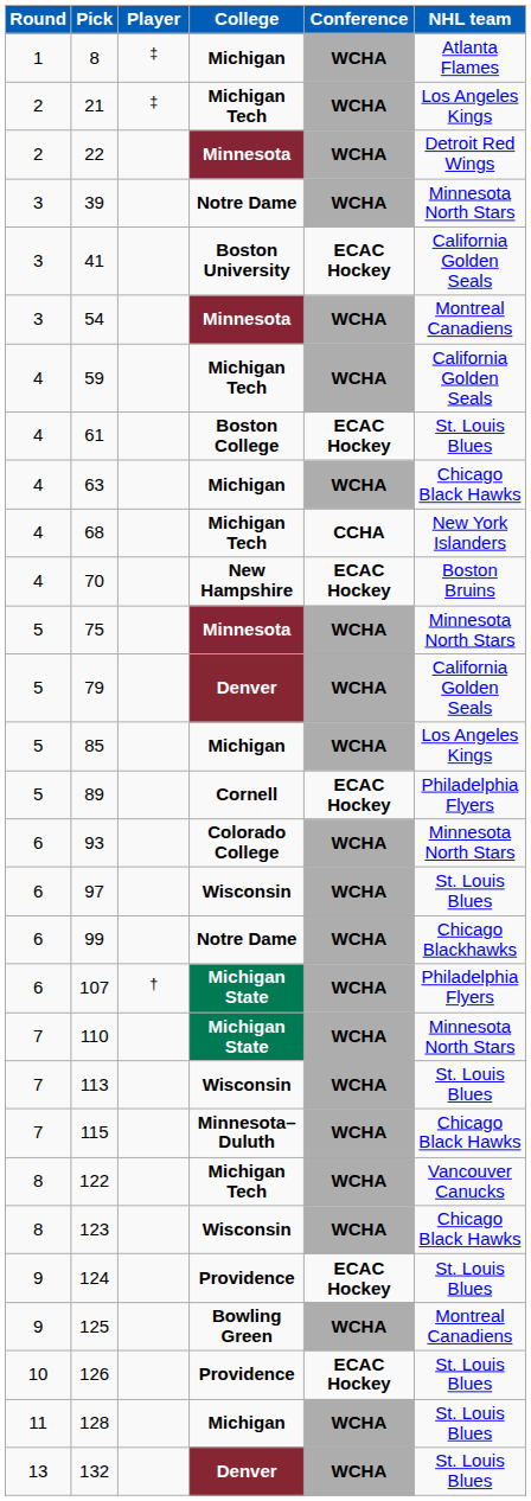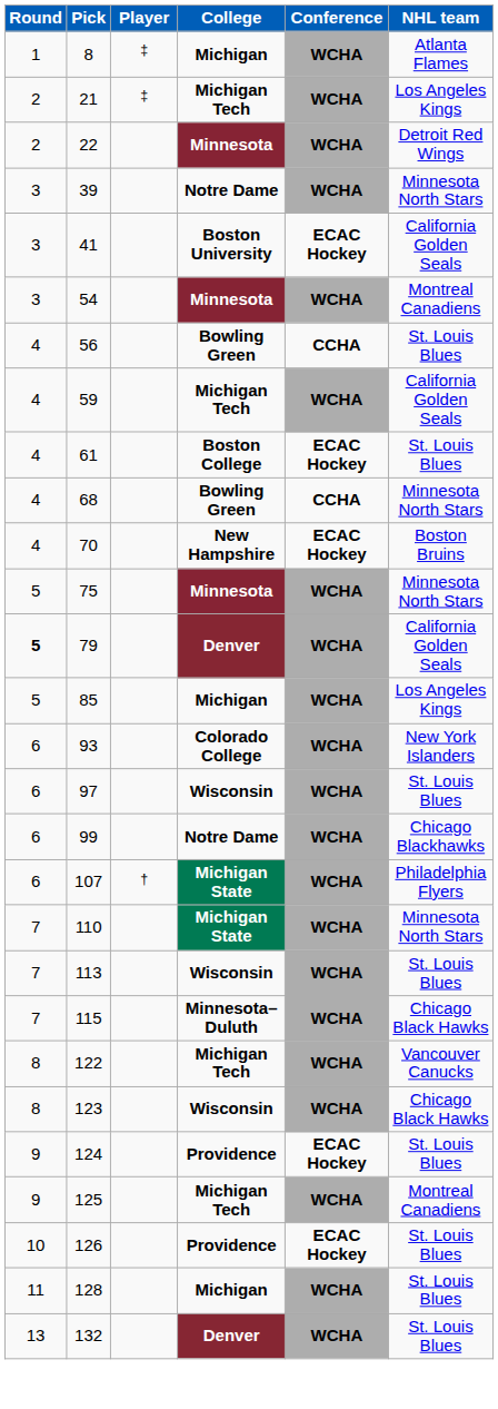 <table class="wikitable sortable" width="75%">
 <tr>
 <th style="color:white; background-color:#005EB8; width: 4em;">Round</th>
 <th style="color:white; background-color:#005EB8; width: 4em;">Pick</th>
 <th style="color:white; background-color:#005EB8; width: 12em;">Player</th>
 <th style="color:white; background-color:#005EB8; width: 13em;">College</th>
 <th style="color:white; background-color:#005EB8; width: 9em;">Conference</th>
 <th style="color:white; background-color:#005EB8; width: 11em;">NHL team</th>
 </tr>
 <tr align="center" bgcolor="">
 <td>1</td>
 <td>8</td>
 <td> <sup>‡</sup></td>
 <td><strong>Michigan</strong></td>
 <td style="color:black; background:#ADADAD; "><strong>WCHA</strong></td>
 <td><a href='#'>Atlanta Flames</a></td>
 </tr>
 <tr align="center" bgcolor="">
 <td>2</td>
 <td>21</td>
 <td> <sup>‡</sup></td>
 <td><strong>Michigan Tech</strong></td>
 <td style="color:black; background:#ADADAD; "><strong>WCHA</strong></td>
 <td><a href='#'>Los Angeles Kings</a></td>
 </tr>
 <tr align="center" bgcolor="">
 <td>2</td>
 <td>22</td>
 <td></td>
 <td style="color:white; background:#862334; "><strong>Minnesota</strong></td>
 <td style="color:black; background:#ADADAD; "><strong>WCHA</strong></td>
 <td><a href='#'>Detroit Red Wings</a></td>
 </tr>
 <tr align="center" bgcolor="">
 <td>3</td>
 <td>39</td>
 <td></td>
 <td><strong>Notre Dame</strong></td>
 <td style="color:black; background:#ADADAD; "><strong>WCHA</strong></td>
 <td><a href='#'>Minnesota North Stars</a></td>
 </tr>
 <tr align="center" bgcolor="">
 <td>3</td>
 <td>41</td>
 <td></td>
 <td><strong>Boston University</strong></td>
 <td><strong>ECAC Hockey</strong></td>
 <td><a href='#'>California Golden Seals</a></td>
 </tr>
 <tr align="center" bgcolor="">
 <td>3</td>
 <td>54</td>
 <td></td>
 <td style="color:white; background:#862334; "><strong>Minnesota</strong></td>
 <td style="color:black; background:#ADADAD; "><strong>WCHA</strong></td>
 <td><a href='#'>Montreal Canadiens</a></td>
 </tr>
 <tr align="center" bgcolor="">
 <td>4</td>
+<td>56</td>
+<td></td>
+<td><strong>Bowling Green</strong></td>
+<td><strong>CCHA</strong></td>
+<td><a href='#'>St. Louis Blues</a></td>
+</tr>
+<tr align="center" bgcolor="">
+<td>4</td>
 <td>59</td>
 <td></td>
 <td><strong>Michigan Tech</strong></td>
 <td style="color:black; background:#ADADAD; "><strong>WCHA</strong></td>
 <td><a href='#'>California Golden Seals</a></td>
 </tr>
 <tr align="center" bgcolor="">
 <td>4</td>
 <td>61</td>
 <td></td>
 <td><strong>Boston College</strong></td>
 <td><strong>ECAC Hockey</strong></td>
 <td><a href='#'>St. Louis Blues</a></td>
 </tr>
 <tr align="center" bgcolor="">
 <td>4</td>
-<td>63</td>
-<td></td>
-<td><strong>Michigan</strong></td>
-<td style="color:black; background:#ADADAD; "><strong>WCHA</strong></td>
-<td><a href='#'>Chicago Black Hawks</a></td>
-</tr>
-<tr align="center" bgcolor="">
-<td>4</td>
 <td>68</td>
 <td></td>
-<td><strong>Michigan Tech</strong></td>
+<td><strong>Bowling Green</strong></td>
 <td><strong>CCHA</strong></td>
-<td><a href='#'>New York Islanders</a></td>
+<td><a href='#'>Minnesota North Stars</a></td>
 </tr>
 <tr align="center" bgcolor="">
 <td>4</td>
 <td>70</td>
 <td></td>
 <td><strong>New Hampshire</strong></td>
 <td><strong>ECAC Hockey</strong></td>
 <td><a href='#'>Boston Bruins</a></td>
 </tr>
 <tr align="center" bgcolor="">
 <td>5</td>
 <td>75</td>
 <td></td>
 <td style="color:white; background:#862334; "><strong>Minnesota</strong></td>
 <td style="color:black; background:#ADADAD; "><strong>WCHA</strong></td>
 <td><a href='#'>Minnesota North Stars</a></td>
 </tr>
 <tr align="center" bgcolor="">
-<td>5</td>
+<td><strong>5</strong></td>
 <td>79</td>
 <td></td>
 <td style="color:white; background:#862633; "><strong>Denver</strong></td>
 <td style="color:black; background:#ADADAD; "><strong>WCHA</strong></td>
 <td><a href='#'>California Golden Seals</a></td>
 </tr>
 <tr align="center" bgcolor="">
 <td>5</td>
 <td>85</td>
 <td></td>
 <td><strong>Michigan</strong></td>
 <td style="color:black; background:#ADADAD; "><strong>WCHA</strong></td>
 <td><a href='#'>Los Angeles Kings</a></td>
 </tr>
 <tr align="center" bgcolor="">
-<td>5</td>
-<td>89</td>
-<td></td>
-<td><strong>Cornell</strong></td>
-<td><strong>ECAC Hockey</strong></td>
-<td><a href='#'>Philadelphia Flyers</a></td>
-</tr>
-<tr align="center" bgcolor="">
 <td>6</td>
 <td>93</td>
 <td></td>
 <td><strong>Colorado College</strong></td>
 <td style="color:black; background:#ADADAD; "><strong>WCHA</strong></td>
-<td><a href='#'>Minnesota North Stars</a></td>
+<td><a href='#'>New York Islanders</a></td>
 </tr>
 <tr align="center" bgcolor="">
 <td>6</td>
 <td>97</td>
 <td></td>
 <td><strong>Wisconsin</strong></td>
 <td style="color:black; background:#ADADAD; "><strong>WCHA</strong></td>
 <td><a href='#'>St. Louis Blues</a></td>
 </tr>
 <tr align="center" bgcolor="">
 <td>6</td>
 <td>99</td>
 <td></td>
 <td><strong>Notre Dame</strong></td>
 <td style="color:black; background:#ADADAD; "><strong>WCHA</strong></td>
 <td><a href='#'>Chicago Blackhawks</a></td>
 </tr>
 <tr align="center" bgcolor="">
 <td>6</td>
 <td>107</td>
 <td> <sup>†</sup></td>
 <td style="color:white; background:#007A53"><strong>Michigan State</strong></td>
 <td style="color:black; background:#ADADAD; "><strong>WCHA</strong></td>
 <td><a href='#'>Philadelphia Flyers</a></td>
 </tr>
 <tr align="center" bgcolor="">
 <td>7</td>
 <td>110</td>
 <td></td>
 <td style="color:white; background:#007A53"><strong>Michigan State</strong></td>
 <td style="color:black; background:#ADADAD; "><strong>WCHA</strong></td>
 <td><a href='#'>Minnesota North Stars</a></td>
 </tr>
 <tr align="center" bgcolor="">
 <td>7</td>
 <td>113</td>
 <td></td>
 <td><strong>Wisconsin</strong></td>
 <td style="color:black; background:#ADADAD; "><strong>WCHA</strong></td>
 <td><a href='#'>St. Louis Blues</a></td>
 </tr>
 <tr align="center" bgcolor="">
 <td>7</td>
 <td>115</td>
 <td></td>
 <td><strong>Minnesota–Duluth</strong></td>
 <td style="color:black; background:#ADADAD; "><strong>WCHA</strong></td>
 <td><a href='#'>Chicago Black Hawks</a></td>
 </tr>
 <tr align="center" bgcolor="">
 <td>8</td>
 <td>122</td>
 <td></td>
 <td><strong>Michigan Tech</strong></td>
 <td style="color:black; background:#ADADAD; "><strong>WCHA</strong></td>
 <td><a href='#'>Vancouver Canucks</a></td>
 </tr>
 <tr align="center" bgcolor="">
 <td>8</td>
 <td>123</td>
 <td></td>
 <td><strong>Wisconsin</strong></td>
 <td style="color:black; background:#ADADAD; "><strong>WCHA</strong></td>
 <td><a href='#'>Chicago Black Hawks</a></td>
 </tr>
 <tr align="center" bgcolor="">
 <td>9</td>
 <td>124</td>
 <td></td>
 <td><strong>Providence</strong></td>
 <td><strong>ECAC Hockey</strong></td>
 <td><a href='#'>St. Louis Blues</a></td>
 </tr>
 <tr align="center" bgcolor="">
 <td>9</td>
 <td>125</td>
 <td></td>
-<td><strong>Bowling Green</strong></td>
+<td><strong>Michigan Tech</strong></td>
 <td style="color:black; background:#ADADAD; "><strong>WCHA</strong></td>
 <td><a href='#'>Montreal Canadiens</a></td>
 </tr>
 <tr align="center" bgcolor="">
 <td>10</td>
 <td>126</td>
 <td></td>
 <td><strong>Providence</strong></td>
 <td><strong>ECAC Hockey</strong></td>
 <td><a href='#'>St. Louis Blues</a></td>
 </tr>
 <tr align="center" bgcolor="">
 <td>11</td>
 <td>128</td>
 <td></td>
 <td><strong>Michigan</strong></td>
 <td style="color:black; background:#ADADAD; "><strong>WCHA</strong></td>
 <td><a href='#'>St. Louis Blues</a></td>
 </tr>
 <tr align="center" bgcolor="">
 <td>13</td>
 <td>132</td>
 <td></td>
 <td style="color:white; background:#862633; "><strong>Denver</strong></td>
 <td style="color:black; background:#ADADAD; "><strong>WCHA</strong></td>
 <td><a href='#'>St. Louis Blues</a></td>
 </tr>
 </table>
